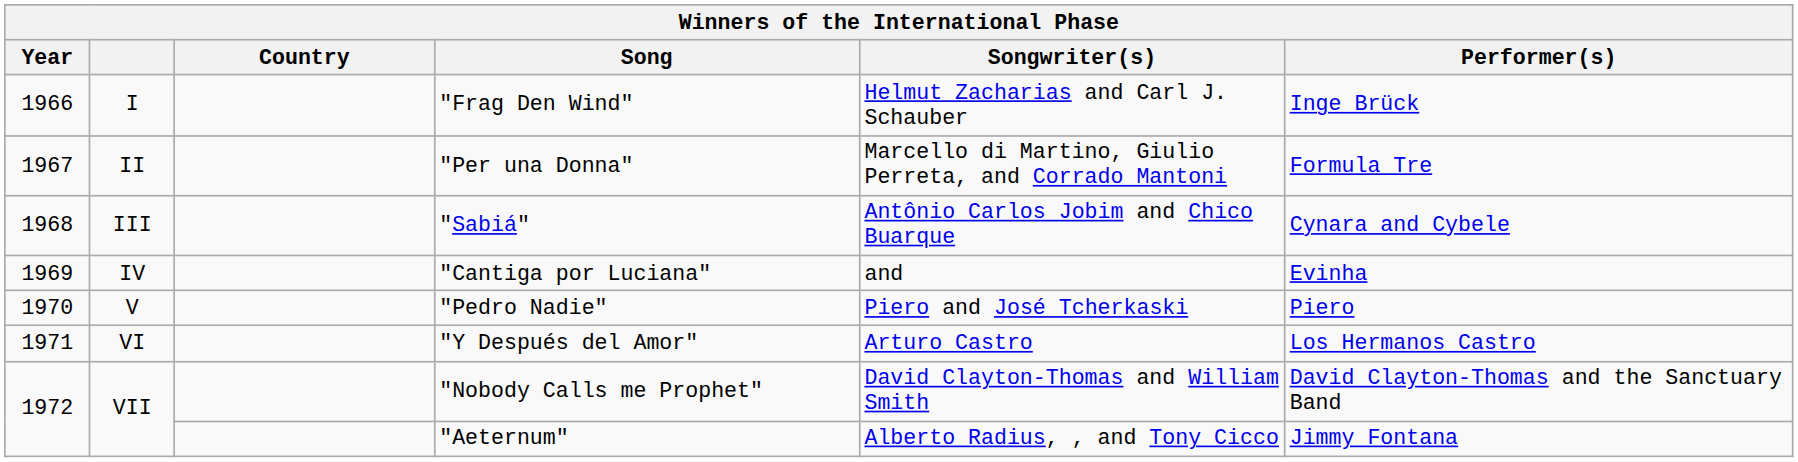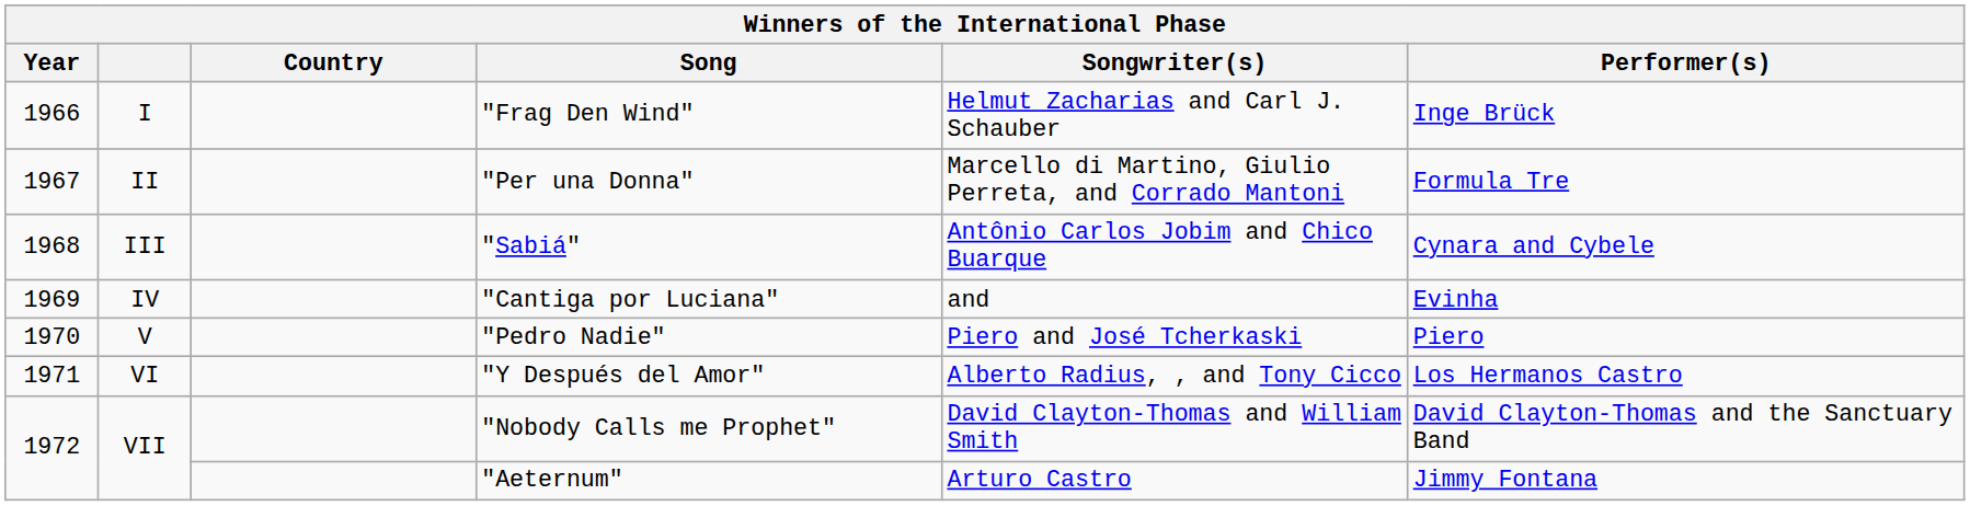 <table class="wikitable">
 <tr>
 <th colspan="6">Winners of the International Phase</th>
 </tr>
 <tr>
 <th width="45">Year</th>
 <th width="45"></th>
 <th width="150">Country</th>
 <th width="250">Song</th>
 <th width="250">Songwriter(s)</th>
 <th width="300">Performer(s)</th>
 </tr>
 <tr>
 <td align="center">1966</td>
 <td align="center">I</td>
 <td></td>
 <td>"Frag Den Wind"</td>
 <td><a href='#'>Helmut Zacharias</a> and Carl J. Schauber</td>
 <td><a href='#'>Inge Brück</a></td>
 </tr>
 <tr>
 <td align="center">1967</td>
 <td align="center">II</td>
 <td></td>
 <td>"Per una Donna"</td>
 <td>Marcello di Martino, Giulio Perreta, and <a href='#'>Corrado Mantoni</a></td>
 <td><a href='#'>Formula Tre</a></td>
 </tr>
 <tr>
 <td align="center">1968</td>
 <td align="center">III</td>
 <td></td>
 <td>"<a href='#'>Sabiá</a>"</td>
 <td><a href='#'>Antônio Carlos Jobim</a> and <a href='#'>Chico Buarque</a></td>
 <td><a href='#'>Cynara and Cybele</a></td>
 </tr>
 <tr>
 <td align="center">1969</td>
 <td align="center">IV</td>
 <td></td>
 <td>"Cantiga por Luciana"</td>
 <td> and </td>
 <td><a href='#'>Evinha</a></td>
 </tr>
 <tr>
 <td align="center">1970</td>
 <td align="center">V</td>
 <td></td>
 <td>"Pedro Nadie"</td>
 <td><a href='#'>Piero</a> and <a href='#'>José Tcherkaski</a></td>
 <td><a href='#'>Piero</a></td>
 </tr>
 <tr>
 <td align="center">1971</td>
 <td align="center">VI</td>
 <td></td>
 <td>"Y Después del Amor"</td>
-<td><a href='#'>Arturo Castro</a></td>
+<td><a href='#'>Alberto Radius</a>, , and <a href='#'>Tony Cicco</a></td>
 <td><a href='#'>Los Hermanos Castro</a></td>
 </tr>
 <tr>
 <td rowspan="2" align="center">1972</td>
 <td rowspan="2" align="center">VII</td>
 <td></td>
 <td>"Nobody Calls me Prophet"</td>
 <td><a href='#'>David Clayton-Thomas</a> and <a href='#'>William Smith</a></td>
 <td><a href='#'>David Clayton-Thomas</a> and the Sanctuary Band</td>
 </tr>
 <tr>
 <td></td>
 <td>"Aeternum"</td>
-<td><a href='#'>Alberto Radius</a>, , and <a href='#'>Tony Cicco</a></td>
+<td><a href='#'>Arturo Castro</a></td>
 <td><a href='#'>Jimmy Fontana</a></td>
 </tr>
 </table>
